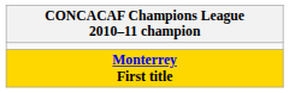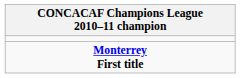 <table class="wikitable" style="text-align: center; margin: 0 auto; width: 20%">
 <tr>
 <th>CONCACAF Champions League<br>2010–11 champion</th>
 </tr>
 <tr>
 <td></td>
 </tr>
 <tr>
-<td style="background: gold;"><strong><a href='#'>Monterrey</a></strong><br><strong>First title</strong></td>
+<td><strong><a href='#'>Monterrey</a></strong><br><strong>First title</strong></td>
 </tr>
 </table>
